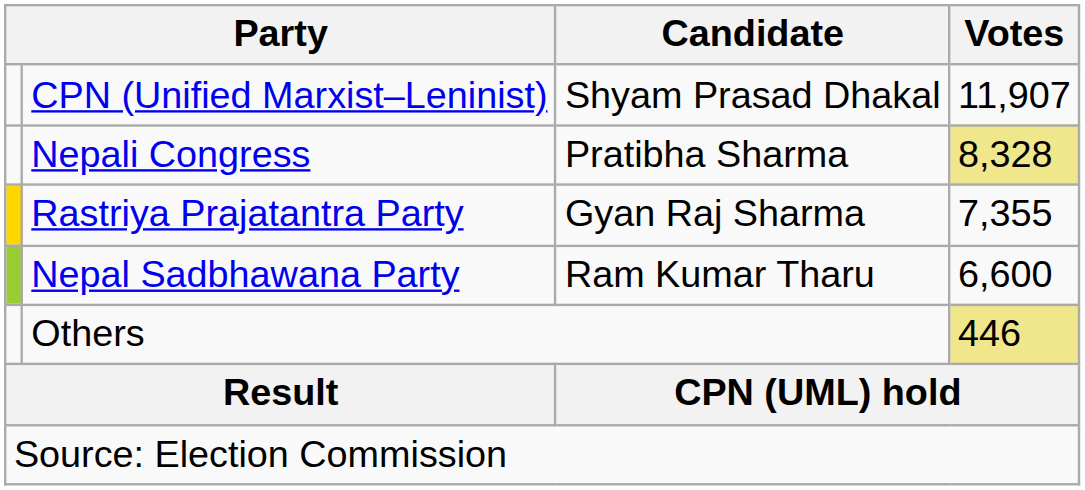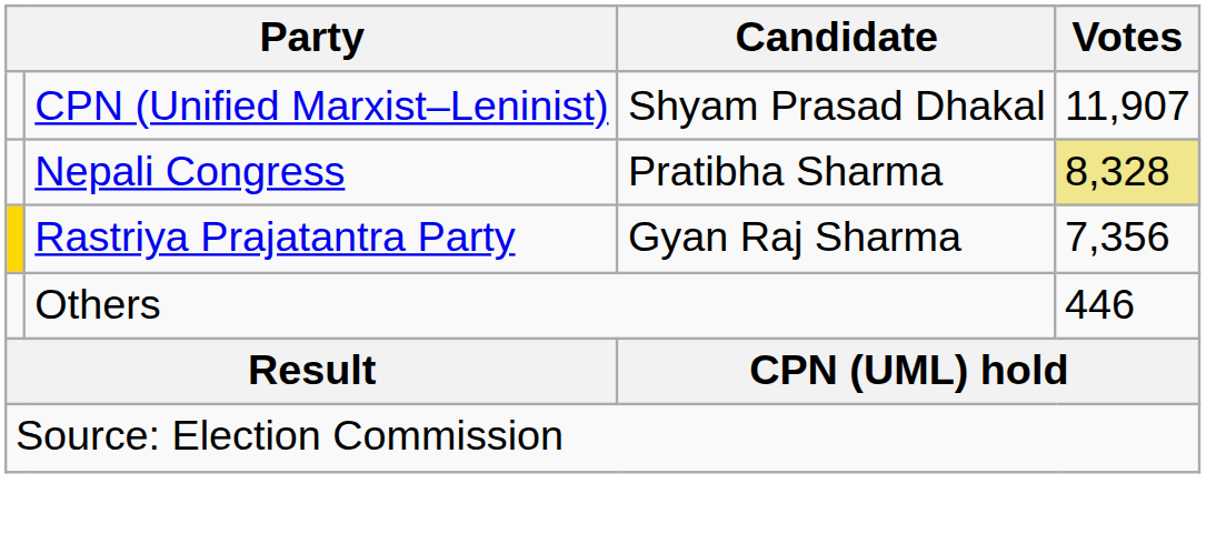 <table class="wikitable">
 <tr>
 <th colspan="2">Party</th>
 <th>Candidate</th>
 <th>Votes</th>
 </tr>
 <tr>
 <td style="background-color:"></td>
 <td><a href='#'>CPN (Unified Marxist–Leninist)</a></td>
 <td>Shyam Prasad Dhakal</td>
 <td>11,907</td>
 </tr>
 <tr>
 <td style="background-color:"></td>
 <td><a href='#'>Nepali Congress</a></td>
 <td>Pratibha Sharma</td>
 <td style="background: khaki;">8,328</td>
 </tr>
 <tr>
 <td style="background-color:gold"></td>
 <td><a href='#'>Rastriya Prajatantra Party</a></td>
 <td>Gyan Raj Sharma</td>
-<td>7,355</td>
-</tr>
-<tr>
-<td style="background-color:yellowgreen"></td>
-<td><a href='#'>Nepal Sadbhawana Party</a></td>
-<td>Ram Kumar Tharu</td>
-<td>6,600</td>
+<td>7,356</td>
 </tr>
 <tr>
 <td></td>
 <td colspan="2">Others</td>
-<td style="background: khaki;">446</td>
+<td>446</td>
 </tr>
 <tr>
 <th colspan="2">Result</th>
 <th colspan="2">CPN (UML) hold</th>
 </tr>
 <tr>
 <td colspan="4">Source: Election Commission</td>
 </tr>
 </table>
